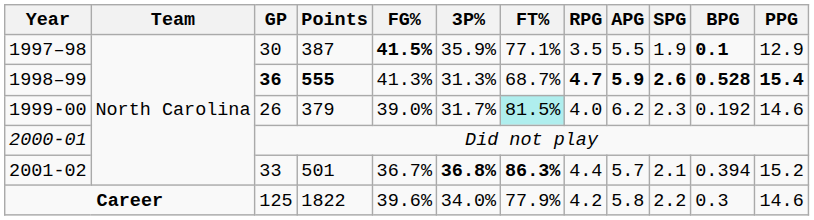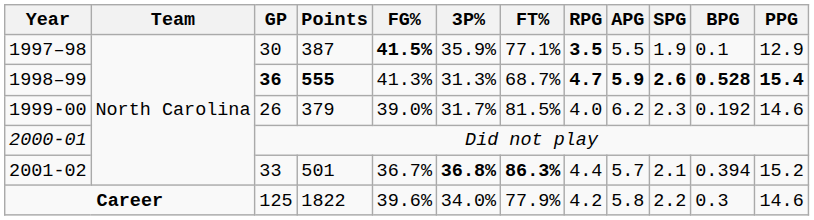 <table class="wikitable sortable">
 <tr>
 <th>Year</th>
 <th>Team</th>
 <th>GP</th>
 <th>Points</th>
 <th>FG%</th>
 <th>3P%</th>
 <th>FT%</th>
 <th>RPG</th>
 <th>APG</th>
 <th>SPG</th>
 <th>BPG</th>
 <th>PPG</th>
 </tr>
 <tr>
 <td>1997–98</td>
 <td rowspan=5>North Carolina</td>
 <td>30</td>
 <td>387</td>
 <td><strong>41.5%</strong></td>
 <td>35.9%</td>
 <td>77.1%</td>
-<td>3.5</td>
+<td><strong>3.5</strong></td>
 <td>5.5</td>
 <td>1.9</td>
-<td><strong>0.1</strong></td>
+<td>0.1</td>
 <td>12.9</td>
 </tr>
 <tr>
 <td>1998–99</td>
 <td><strong>36</strong></td>
 <td><strong>555</strong></td>
 <td>41.3%</td>
 <td>31.3%</td>
 <td>68.7%</td>
 <td><strong>4.7</strong></td>
 <td><strong>5.9</strong></td>
 <td><strong>2.6</strong></td>
 <td><strong>0.528</strong></td>
 <td><strong>15.4</strong></td>
 </tr>
 <tr>
 <td>1999-00</td>
 <td>26</td>
 <td>379</td>
 <td>39.0%</td>
 <td>31.7%</td>
-<td style="background: paleturquoise;">81.5%</td>
+<td>81.5%</td>
 <td>4.0</td>
 <td>6.2</td>
 <td>2.3</td>
 <td>0.192</td>
 <td>14.6</td>
 </tr>
 <tr class="sortbottom">
 <td><em>2000-01</em></td>
 <td align=center colspan=10><em>Did not play</em></td>
 </tr>
 <tr>
 <td>2001-02</td>
 <td>33</td>
 <td>501</td>
 <td>36.7%</td>
 <td><strong>36.8%</strong></td>
 <td><strong>86.3%</strong></td>
 <td>4.4</td>
 <td>5.7</td>
 <td>2.1</td>
 <td>0.394</td>
 <td>15.2</td>
 </tr>
 <tr class="sortbottom">
 <td align=center colspan=2><strong>Career</strong></td>
 <td>125</td>
 <td>1822</td>
 <td>39.6%</td>
 <td>34.0%</td>
 <td>77.9%</td>
 <td>4.2</td>
 <td>5.8</td>
 <td>2.2</td>
 <td>0.3</td>
 <td>14.6</td>
 </tr>
 </table>
